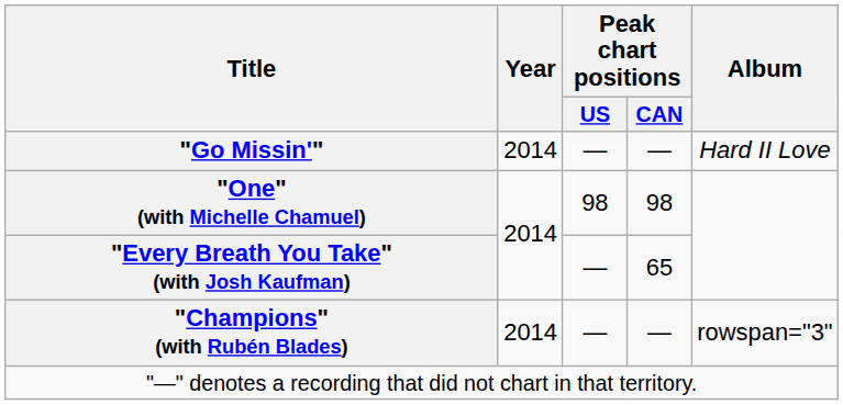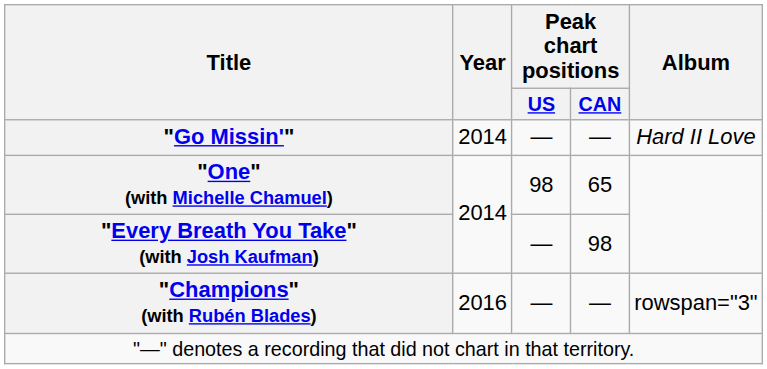 <table class="wikitable plainrowheaders" style="text-align:center;" border="1">
 <tr>
 <th scope="col" rowspan="2" style="width:20em;">Title</th>
 <th scope="col" rowspan="2">Year</th>
 <th scope="col" colspan="2">Peak chart<br>positions</th>
 <th scope="col" rowspan="2">Album</th>
 </tr>
 <tr>
 <th scope="col" style="width:2.5em;font-size:90%;"><a href='#'>US</a><br></th>
 <th scope="col" style="width:2.5em;font-size:90%;"><a href='#'>CAN</a><br></th>
 </tr>
 <tr>
 <th scope="row">"<a href='#'>Go Missin'</a>"</th>
 <td>2014</td>
 <td>—</td>
 <td>—</td>
 <td rowspan="1"><em>Hard II Love</em></td>
 </tr>
 <tr>
 <th scope="row">"<a href='#'>One</a>"<br><small>(with <a href='#'>Michelle Chamuel</a>)</small></th>
 <td rowspan="2">2014</td>
 <td>98</td>
-<td>98</td>
+<td>65</td>
 </tr>
 <tr>
 <th scope="row">"<a href='#'>Every Breath You Take</a>"<br><small>(with <a href='#'>Josh Kaufman</a>)</small></th>
 <td>—</td>
-<td>65</td>
+<td>98</td>
 </tr>
 <tr>
 <th scope="row">"<a href='#'>Champions</a>"<br><small>(with <a href='#'>Rubén Blades</a>)</small></th>
-<td>2014</td>
+<td>2016</td>
 <td>—</td>
 <td>—</td>
 <td>rowspan="3" </td>
 </tr>
 <tr>
 <td colspan="15" style="font-size:90%">"—" denotes a recording that did not chart in that territory.</td>
 </tr>
 </table>
